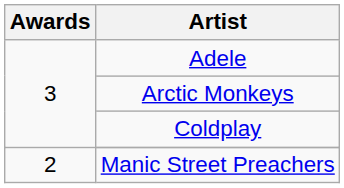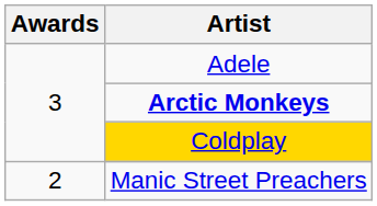 <table class="wikitable" rowspan="2" style="text-align:center;">
 <tr>
 <th scope="col" style="width:55px;">Awards</th>
 <th scope="col" style="text-align:center;">Artist</th>
 </tr>
 <tr>
 <td rowspan="3">3</td>
 <td><a href='#'>Adele</a></td>
 </tr>
 <tr>
-<td><a href='#'>Arctic Monkeys</a></td>
+<td><strong><a href='#'>Arctic Monkeys</a></strong></td>
 </tr>
 <tr>
-<td><a href='#'>Coldplay</a></td>
+<td style="background: gold;"><a href='#'>Coldplay</a></td>
 </tr>
 <tr>
 <td rowspan="2">2</td>
 </tr>
 <tr>
 <td><a href='#'>Manic Street Preachers</a></td>
 </tr>
 </table>
